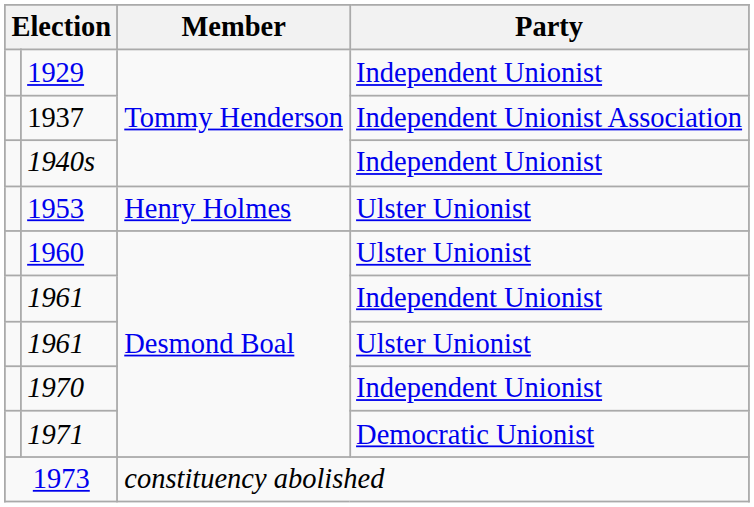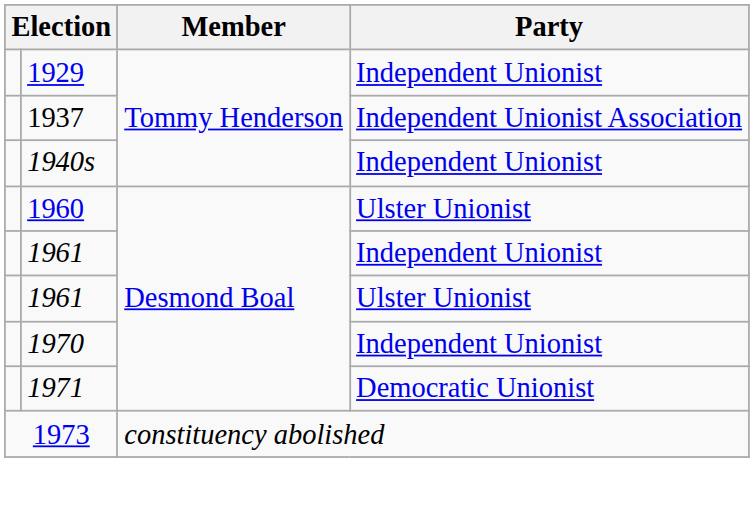 <table class="wikitable">
 <tr>
 <th colspan="2">Election</th>
 <th>Member</th>
 <th>Party</th>
 </tr>
 <tr>
 <td style="background-color: "></td>
 <td><a href='#'>1929</a></td>
 <td rowspan="3"><a href='#'>Tommy Henderson</a></td>
 <td><a href='#'>Independent Unionist</a></td>
 </tr>
 <tr>
 <td style="background-color: "></td>
 <td>1937</td>
 <td><a href='#'>Independent Unionist Association</a></td>
 </tr>
 <tr>
 <td style="background-color: "></td>
 <td><em>1940s</em></td>
 <td><a href='#'>Independent Unionist</a></td>
-</tr>
-<tr>
-<td style="background-color: "></td>
-<td><a href='#'>1953</a></td>
-<td><a href='#'>Henry Holmes</a></td>
-<td><a href='#'>Ulster Unionist</a></td>
 </tr>
 <tr>
 <td style="background-color: "></td>
 <td><a href='#'>1960</a></td>
 <td rowspan="5"><a href='#'>Desmond Boal</a></td>
 <td><a href='#'>Ulster Unionist</a></td>
 </tr>
 <tr>
 <td style="background-color: "></td>
 <td><em>1961</em></td>
 <td><a href='#'>Independent Unionist</a></td>
 </tr>
 <tr>
 <td style="background-color: "></td>
 <td><em>1961</em></td>
 <td><a href='#'>Ulster Unionist</a></td>
 </tr>
 <tr>
 <td style="background-color: "></td>
 <td><em>1970</em></td>
 <td><a href='#'>Independent Unionist</a></td>
 </tr>
 <tr>
 <td style="background-color: "></td>
 <td><em>1971</em></td>
 <td><a href='#'>Democratic Unionist</a></td>
 </tr>
 <tr>
 <td colspan="2" align="center"><a href='#'>1973</a></td>
 <td colspan="2"><em>constituency abolished</em></td>
 </tr>
 </table>
